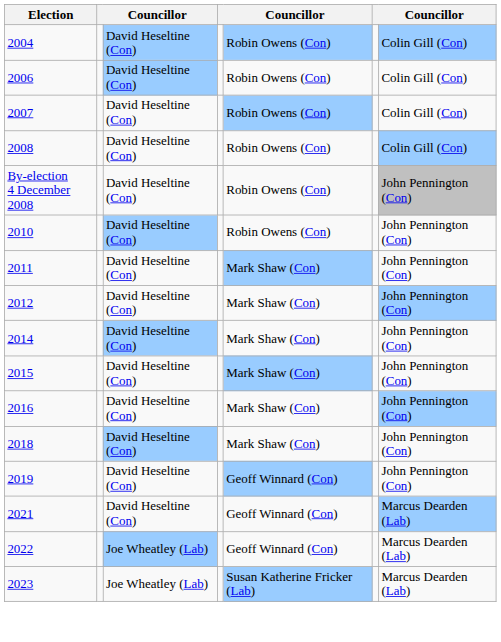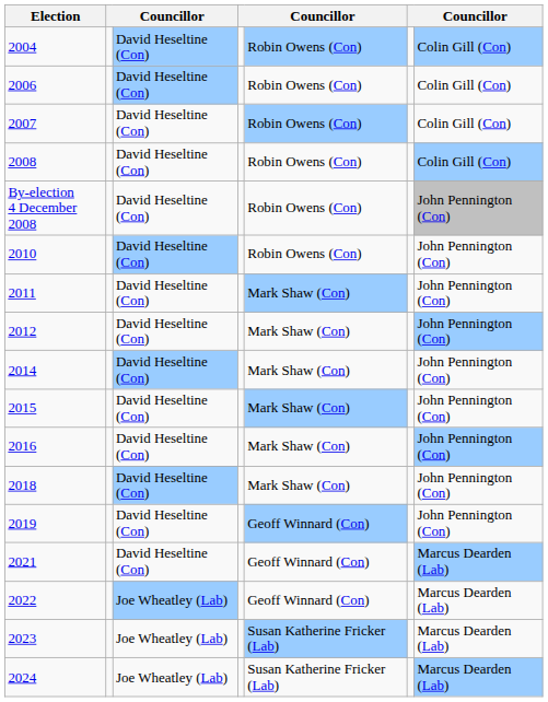 <table class="wikitable">
 <tr>
 <th>Election</th>
 <th colspan="2">Councillor</th>
 <th colspan="2">Councillor</th>
 <th colspan="2">Councillor</th>
 </tr>
 <tr>
 <td><a href='#'>2004</a></td>
 <td style="background-color: "></td>
 <td bgcolor="#99CCFF">David Heseltine (<a href='#'>Con</a>)</td>
 <td style="background-color: "></td>
 <td bgcolor="#99CCFF">Robin Owens (<a href='#'>Con</a>)</td>
 <td style="background-color: "></td>
 <td bgcolor="#99CCFF">Colin Gill (<a href='#'>Con</a>)</td>
 </tr>
 <tr>
 <td><a href='#'>2006</a></td>
 <td style="background-color: "></td>
 <td bgcolor="#99CCFF">David Heseltine (<a href='#'>Con</a>)</td>
 <td style="background-color: "></td>
 <td>Robin Owens (<a href='#'>Con</a>)</td>
 <td style="background-color: "></td>
 <td>Colin Gill (<a href='#'>Con</a>)</td>
 </tr>
 <tr>
 <td><a href='#'>2007</a></td>
 <td style="background-color: "></td>
 <td>David Heseltine (<a href='#'>Con</a>)</td>
 <td style="background-color: "></td>
 <td bgcolor="#99CCFF">Robin Owens (<a href='#'>Con</a>)</td>
 <td style="background-color: "></td>
 <td>Colin Gill (<a href='#'>Con</a>)</td>
 </tr>
 <tr>
 <td><a href='#'>2008</a></td>
 <td style="background-color: "></td>
 <td>David Heseltine (<a href='#'>Con</a>)</td>
 <td style="background-color: "></td>
 <td>Robin Owens (<a href='#'>Con</a>)</td>
 <td style="background-color: "></td>
 <td bgcolor="#99CCFF">Colin Gill (<a href='#'>Con</a>)</td>
 </tr>
 <tr>
 <td><a href='#'>By-election<br>4 December 2008</a></td>
 <td style="background-color: "></td>
 <td>David Heseltine (<a href='#'>Con</a>)</td>
 <td style="background-color: "></td>
 <td>Robin Owens (<a href='#'>Con</a>)</td>
 <td style="background-color: "></td>
 <td bgcolor="#C0C0C0">John Pennington (<a href='#'>Con</a>)</td>
 </tr>
 <tr>
 <td><a href='#'>2010</a></td>
 <td style="background-color: "></td>
 <td bgcolor="#99CCFF">David Heseltine (<a href='#'>Con</a>)</td>
 <td style="background-color: "></td>
 <td>Robin Owens (<a href='#'>Con</a>)</td>
 <td style="background-color: "></td>
 <td>John Pennington (<a href='#'>Con</a>)</td>
 </tr>
 <tr>
 <td><a href='#'>2011</a></td>
 <td style="background-color: "></td>
 <td>David Heseltine (<a href='#'>Con</a>)</td>
 <td style="background-color: "></td>
 <td bgcolor="#99CCFF">Mark Shaw (<a href='#'>Con</a>)</td>
 <td style="background-color: "></td>
 <td>John Pennington (<a href='#'>Con</a>)</td>
 </tr>
 <tr>
 <td><a href='#'>2012</a></td>
 <td style="background-color: "></td>
 <td>David Heseltine (<a href='#'>Con</a>)</td>
 <td style="background-color: "></td>
 <td>Mark Shaw (<a href='#'>Con</a>)</td>
 <td style="background-color: "></td>
 <td bgcolor="#99CCFF">John Pennington (<a href='#'>Con</a>)</td>
 </tr>
 <tr>
 <td><a href='#'>2014</a></td>
 <td style="background-color: "></td>
 <td bgcolor="#99CCFF">David Heseltine (<a href='#'>Con</a>)</td>
 <td style="background-color: "></td>
 <td>Mark Shaw (<a href='#'>Con</a>)</td>
 <td style="background-color: "></td>
 <td>John Pennington (<a href='#'>Con</a>)</td>
 </tr>
 <tr>
 <td><a href='#'>2015</a></td>
 <td style="background-color: "></td>
 <td>David Heseltine (<a href='#'>Con</a>)</td>
 <td style="background-color: "></td>
 <td bgcolor="#99CCFF">Mark Shaw (<a href='#'>Con</a>)</td>
 <td style="background-color: "></td>
 <td>John Pennington (<a href='#'>Con</a>)</td>
 </tr>
 <tr>
 <td><a href='#'>2016</a></td>
 <td style="background-color: "></td>
 <td>David Heseltine (<a href='#'>Con</a>)</td>
 <td style="background-color: "></td>
 <td>Mark Shaw (<a href='#'>Con</a>)</td>
 <td style="background-color: "></td>
 <td bgcolor="#99CCFF">John Pennington (<a href='#'>Con</a>)</td>
 </tr>
 <tr>
 <td><a href='#'>2018</a></td>
 <td style="background-color: "></td>
 <td bgcolor="#99CCFF">David Heseltine (<a href='#'>Con</a>)</td>
 <td style="background-color: "></td>
 <td>Mark Shaw (<a href='#'>Con</a>)</td>
 <td style="background-color: "></td>
 <td>John Pennington (<a href='#'>Con</a>)</td>
 </tr>
 <tr>
 <td><a href='#'>2019</a></td>
 <td style="background-color: "></td>
 <td>David Heseltine (<a href='#'>Con</a>)</td>
 <td style="background-color: "></td>
 <td bgcolor="#99CCFF">Geoff Winnard (<a href='#'>Con</a>)</td>
 <td style="background-color: "></td>
 <td>John Pennington (<a href='#'>Con</a>)</td>
 </tr>
 <tr>
 <td><a href='#'>2021</a></td>
 <td style="background-color: "></td>
 <td>David Heseltine (<a href='#'>Con</a>)</td>
 <td style="background-color: "></td>
 <td>Geoff Winnard (<a href='#'>Con</a>)</td>
 <td style="background-color: "></td>
 <td bgcolor="#99CCFF">Marcus Dearden (<a href='#'>Lab</a>)</td>
 </tr>
 <tr>
 <td><a href='#'>2022</a></td>
 <td style="background-color: "></td>
 <td bgcolor="#99CCFF">Joe Wheatley (<a href='#'>Lab</a>)</td>
 <td style="background-color: "></td>
 <td>Geoff Winnard (<a href='#'>Con</a>)</td>
 <td style="background-color: "></td>
 <td>Marcus Dearden (<a href='#'>Lab</a>)</td>
 </tr>
 <tr>
 <td><a href='#'>2023</a></td>
 <td style="background-color: "></td>
 <td>Joe Wheatley (<a href='#'>Lab</a>)</td>
 <td style="background-color: "></td>
 <td bgcolor="#99CCFF">Susan Katherine Fricker (<a href='#'>Lab</a>)</td>
 <td style="background-color: "></td>
 <td>Marcus Dearden (<a href='#'>Lab</a>)</td>
 </tr>
+<tr>
+<td><a href='#'>2024</a></td>
+<td style="background-color: "></td>
+<td>Joe Wheatley (<a href='#'>Lab</a>)</td>
+<td style="background-color: "></td>
+<td>Susan Katherine Fricker (<a href='#'>Lab</a>)</td>
+<td style="background-color: "></td>
+<td bgcolor="#99CCFF">Marcus Dearden (<a href='#'>Lab</a>)</td>
+</tr>
 </table>
